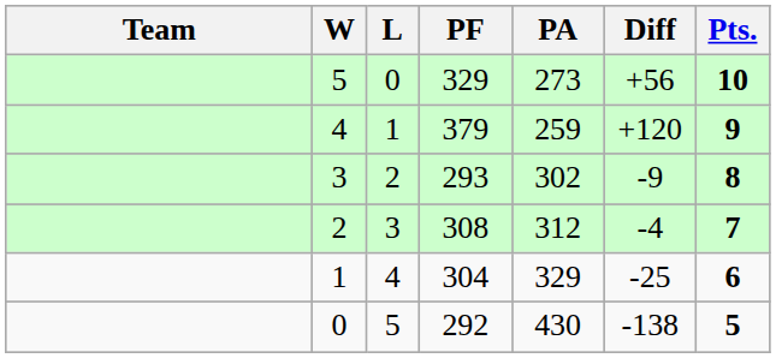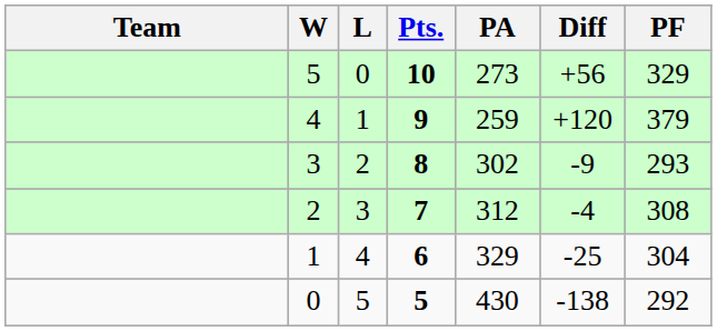 <table class=wikitable>
 <tr align=center>
 <th width=150px>Team</th>
 <th width=20px>W</th>
 <th width=20px>L</th>
-<th width=40px>PF</th>
+<th width=30px><a href='#'>Pts.</a></th>
 <th width=40px>PA</th>
 <th width=40px>Diff</th>
-<th width=30px><a href='#'>Pts.</a></th>
+<th width=40px>PF</th>
 </tr>
 <tr align=center bgcolor="#ccffcc">
 <td align=left></td>
 <td>5</td>
 <td>0</td>
-<td>329</td>
+<td><strong>10</strong></td>
 <td>273</td>
 <td>+56</td>
-<td><strong>10</strong></td>
+<td>329</td>
 </tr>
 <tr align=center bgcolor="#ccffcc">
 <td align=left></td>
 <td>4</td>
 <td>1</td>
-<td>379</td>
+<td><strong>9</strong></td>
 <td>259</td>
 <td>+120</td>
-<td><strong>9</strong></td>
+<td>379</td>
 </tr>
 <tr align=center bgcolor="#ccffcc">
 <td align=left></td>
 <td>3</td>
 <td>2</td>
-<td>293</td>
+<td><strong>8</strong></td>
 <td>302</td>
 <td>-9</td>
-<td><strong>8</strong></td>
+<td>293</td>
 </tr>
 <tr align=center bgcolor="#ccffcc">
 <td align=left></td>
 <td>2</td>
 <td>3</td>
-<td>308</td>
+<td><strong>7</strong></td>
 <td>312</td>
 <td>-4</td>
-<td><strong>7</strong></td>
+<td>308</td>
 </tr>
 <tr align=center>
 <td align=left></td>
 <td>1</td>
 <td>4</td>
-<td>304</td>
+<td><strong>6</strong></td>
 <td>329</td>
 <td>-25</td>
-<td><strong>6</strong></td>
+<td>304</td>
 </tr>
 <tr align=center>
 <td align=left></td>
 <td>0</td>
 <td>5</td>
-<td>292</td>
+<td><strong>5</strong></td>
 <td>430</td>
 <td>-138</td>
-<td><strong>5</strong></td>
+<td>292</td>
 </tr>
 </table>
